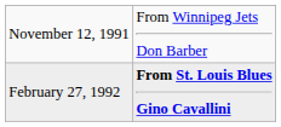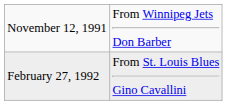 <table class="wikitable">
 <tr>
 <td>November 12, 1991</td>
 <td valign="top">From <a href='#'>Winnipeg Jets</a><hr><a href='#'>Don Barber</a></td>
 </tr>
 <tr style="background:#eee;">
 <td>February 27, 1992</td>
-<td valign="top"><strong>From <a href='#'>St. Louis Blues</a><hr><a href='#'>Gino Cavallini</a></strong></td>
+<td valign="top">From <a href='#'>St. Louis Blues</a><hr><a href='#'>Gino Cavallini</a></td>
 </tr>
 </table>
